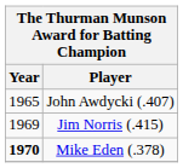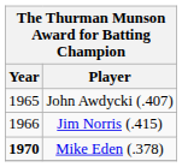 <table class="wikitable" style="display: inline-table; margin-right: 20px; text-align:center">
 <tr>
 <th scope="col" colspan="2" style="width: 145px;">The Thurman Munson Award for Batting Champion</th>
 </tr>
 <tr>
 <th scope="col">Year</th>
 <th scope="col">Player</th>
 </tr>
 <tr>
 <td>1965</td>
 <td>John Awdycki (.407)</td>
 </tr>
 <tr>
-<td>1969</td>
+<td>1966</td>
 <td><a href='#'>Jim Norris</a> (.415)</td>
 </tr>
 <tr>
 <td><strong>1970</strong></td>
 <td><a href='#'>Mike Eden</a> (.378)</td>
 </tr>
 <tr>
 </tr>
 </table>
